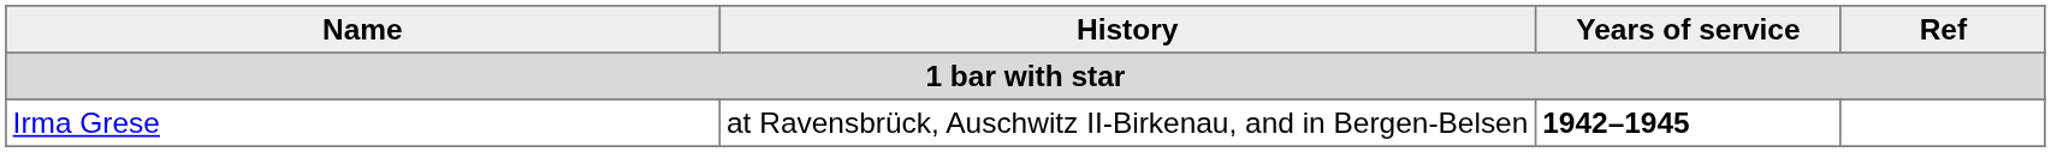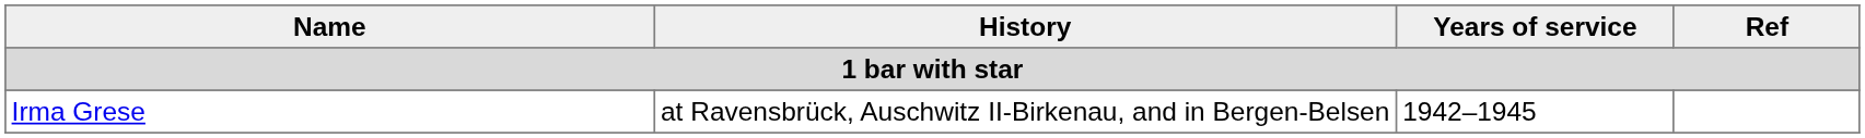 <table align="center" border="1" cellpadding="3" cellspacing="0" style="font-size: 90%; border: gray solid 1px; border-collapse: collapse; text-align: middle;">
 <tr>
 <th bgcolor="#efefef" style="width: 35%">Name</th>
 <th bgcolor="#efefef" style="width: 40%">History</th>
 <th bgcolor="#efefef" style="width: 15%">Years of service</th>
 <th bgcolor="#efefef" style="width: 10%">Ref</th>
 </tr>
 <tr style="background-color:#D9D9D9; width: 100%">
 <th colspan="4">1 bar with star</th>
 </tr>
 <tr>
 <td><a href='#'>Irma Grese</a></td>
 <td> at Ravensbrück,  Auschwitz II-Birkenau,  and  in Bergen-Belsen</td>
-<td><strong>1942–1945</strong></td>
+<td>1942–1945</td>
 <td></td>
 </tr>
 </table>
